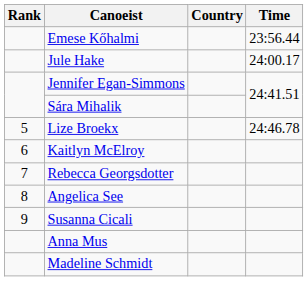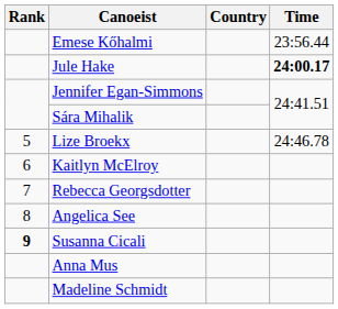 <table class="wikitable" style="text-align:center">
 <tr>
 <th>Rank</th>
 <th>Canoeist</th>
 <th>Country</th>
 <th>Time</th>
 </tr>
 <tr>
 <td></td>
 <td align="left"><a href='#'>Emese Kőhalmi</a></td>
 <td align="left"></td>
 <td>23:56.44</td>
 </tr>
 <tr>
 <td></td>
 <td align="left"><a href='#'>Jule Hake</a></td>
 <td align="left"></td>
-<td>24:00.17</td>
+<td><strong>24:00.17</strong></td>
 </tr>
 <tr>
 <td rowspan=2></td>
 <td align="left"><a href='#'>Jennifer Egan-Simmons</a></td>
 <td align="left"></td>
 <td rowspan=2>24:41.51</td>
 </tr>
 <tr>
 <td align="left"><a href='#'>Sára Mihalik</a></td>
 <td align="left"></td>
 </tr>
 <tr>
 <td>5</td>
 <td align="left"><a href='#'>Lize Broekx</a></td>
 <td align="left"></td>
 <td>24:46.78</td>
 </tr>
 <tr>
 <td>6</td>
 <td align="left"><a href='#'>Kaitlyn McElroy</a></td>
 <td align="left"></td>
 <td></td>
 </tr>
 <tr>
 <td>7</td>
 <td align="left"><a href='#'>Rebecca Georgsdotter</a></td>
 <td align="left"></td>
 <td></td>
 </tr>
 <tr>
 <td>8</td>
 <td align="left"><a href='#'>Angelica See</a></td>
 <td align="left"></td>
 <td></td>
 </tr>
 <tr>
-<td>9</td>
+<td><strong>9</strong></td>
 <td align="left"><a href='#'>Susanna Cicali</a></td>
 <td align="left"></td>
 <td></td>
 </tr>
 <tr>
 <td></td>
 <td align="left"><a href='#'>Anna Mus</a></td>
 <td align="left"></td>
 <td></td>
 </tr>
 <tr>
 <td></td>
 <td align="left"><a href='#'>Madeline Schmidt</a></td>
 <td align="left"></td>
 <td></td>
 </tr>
 </table>
